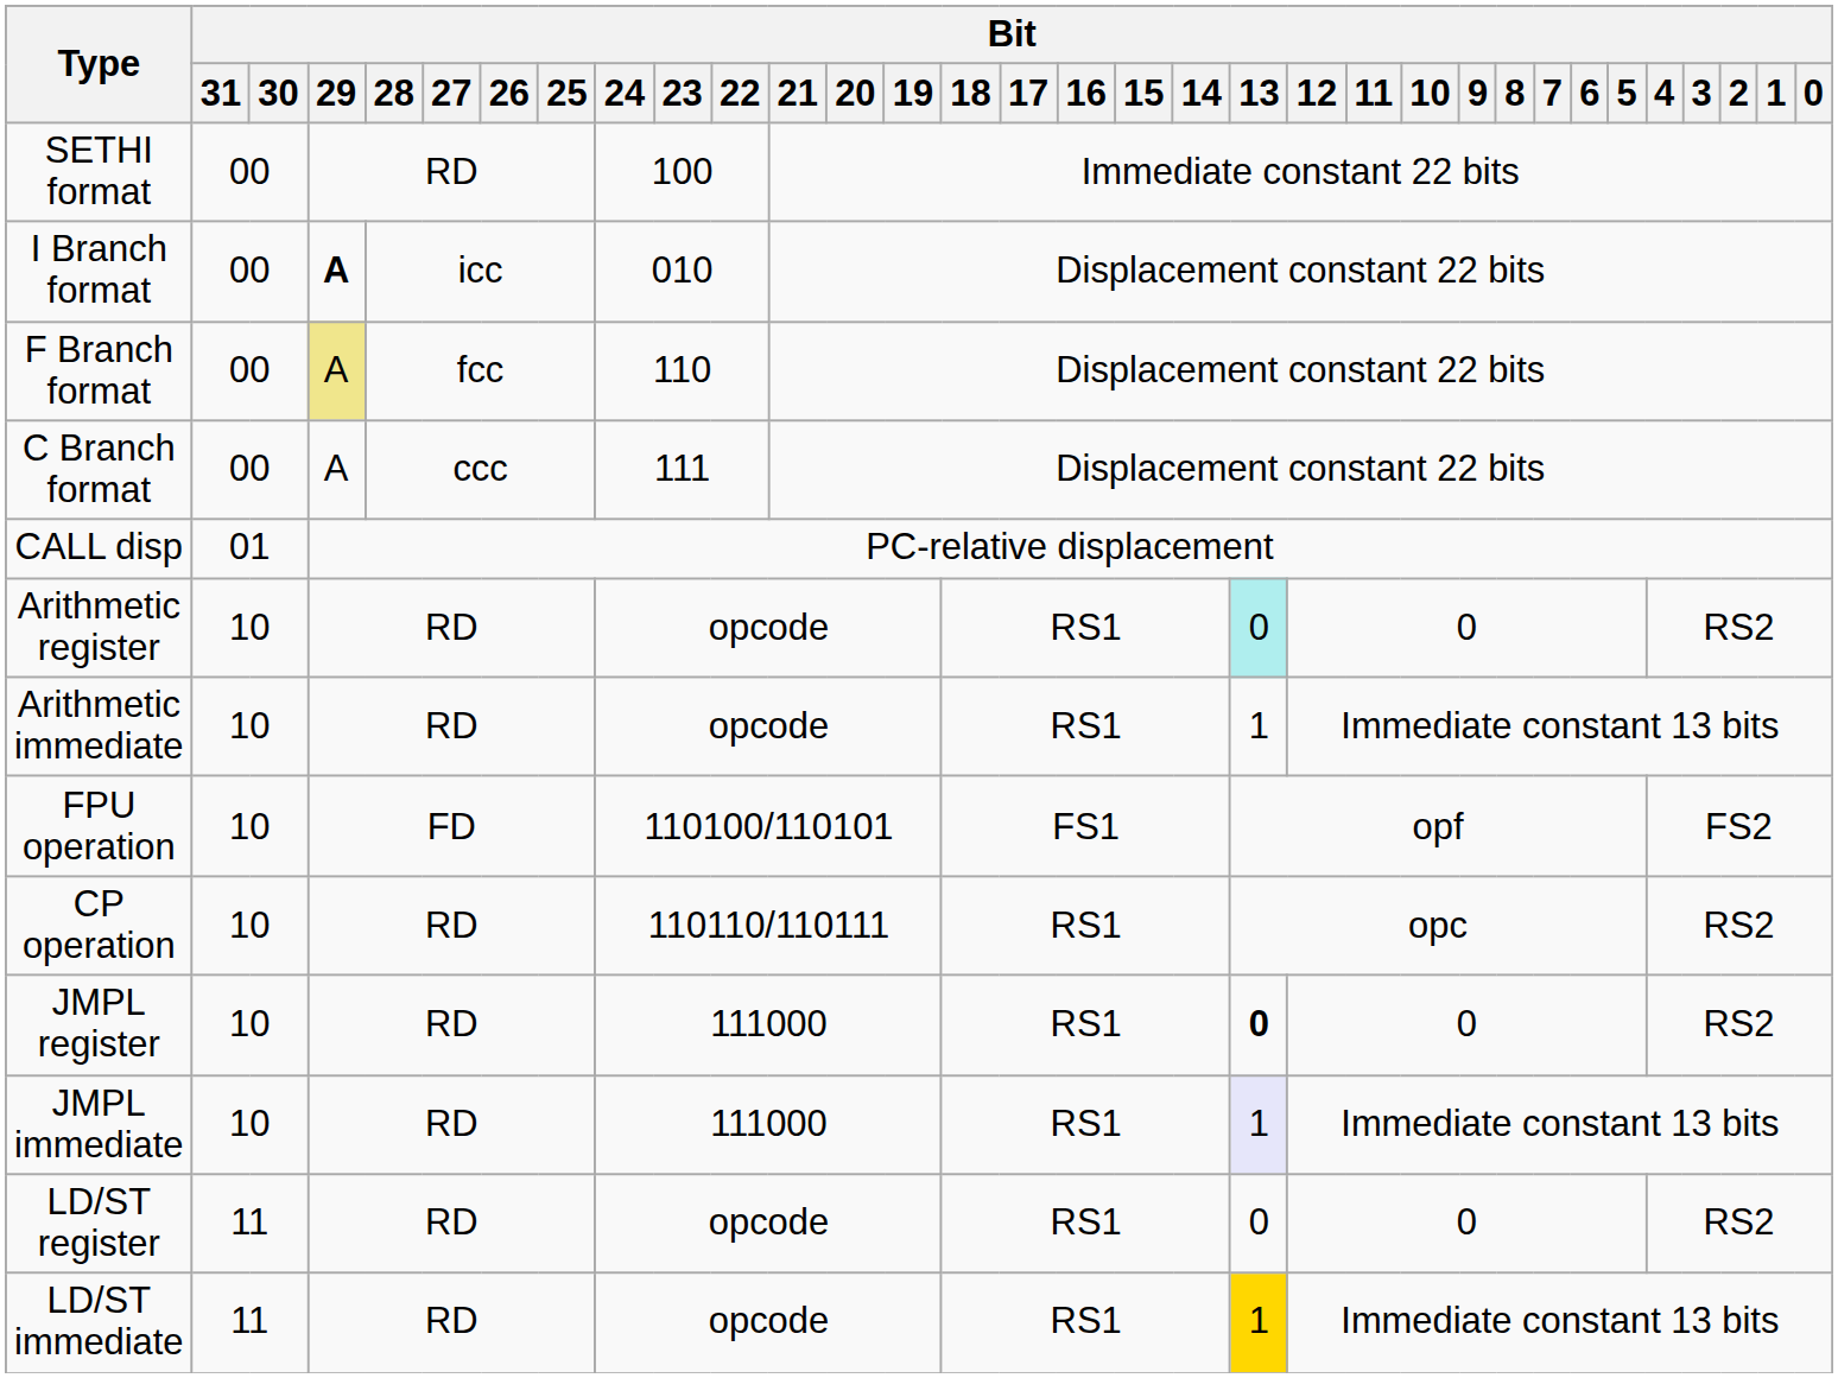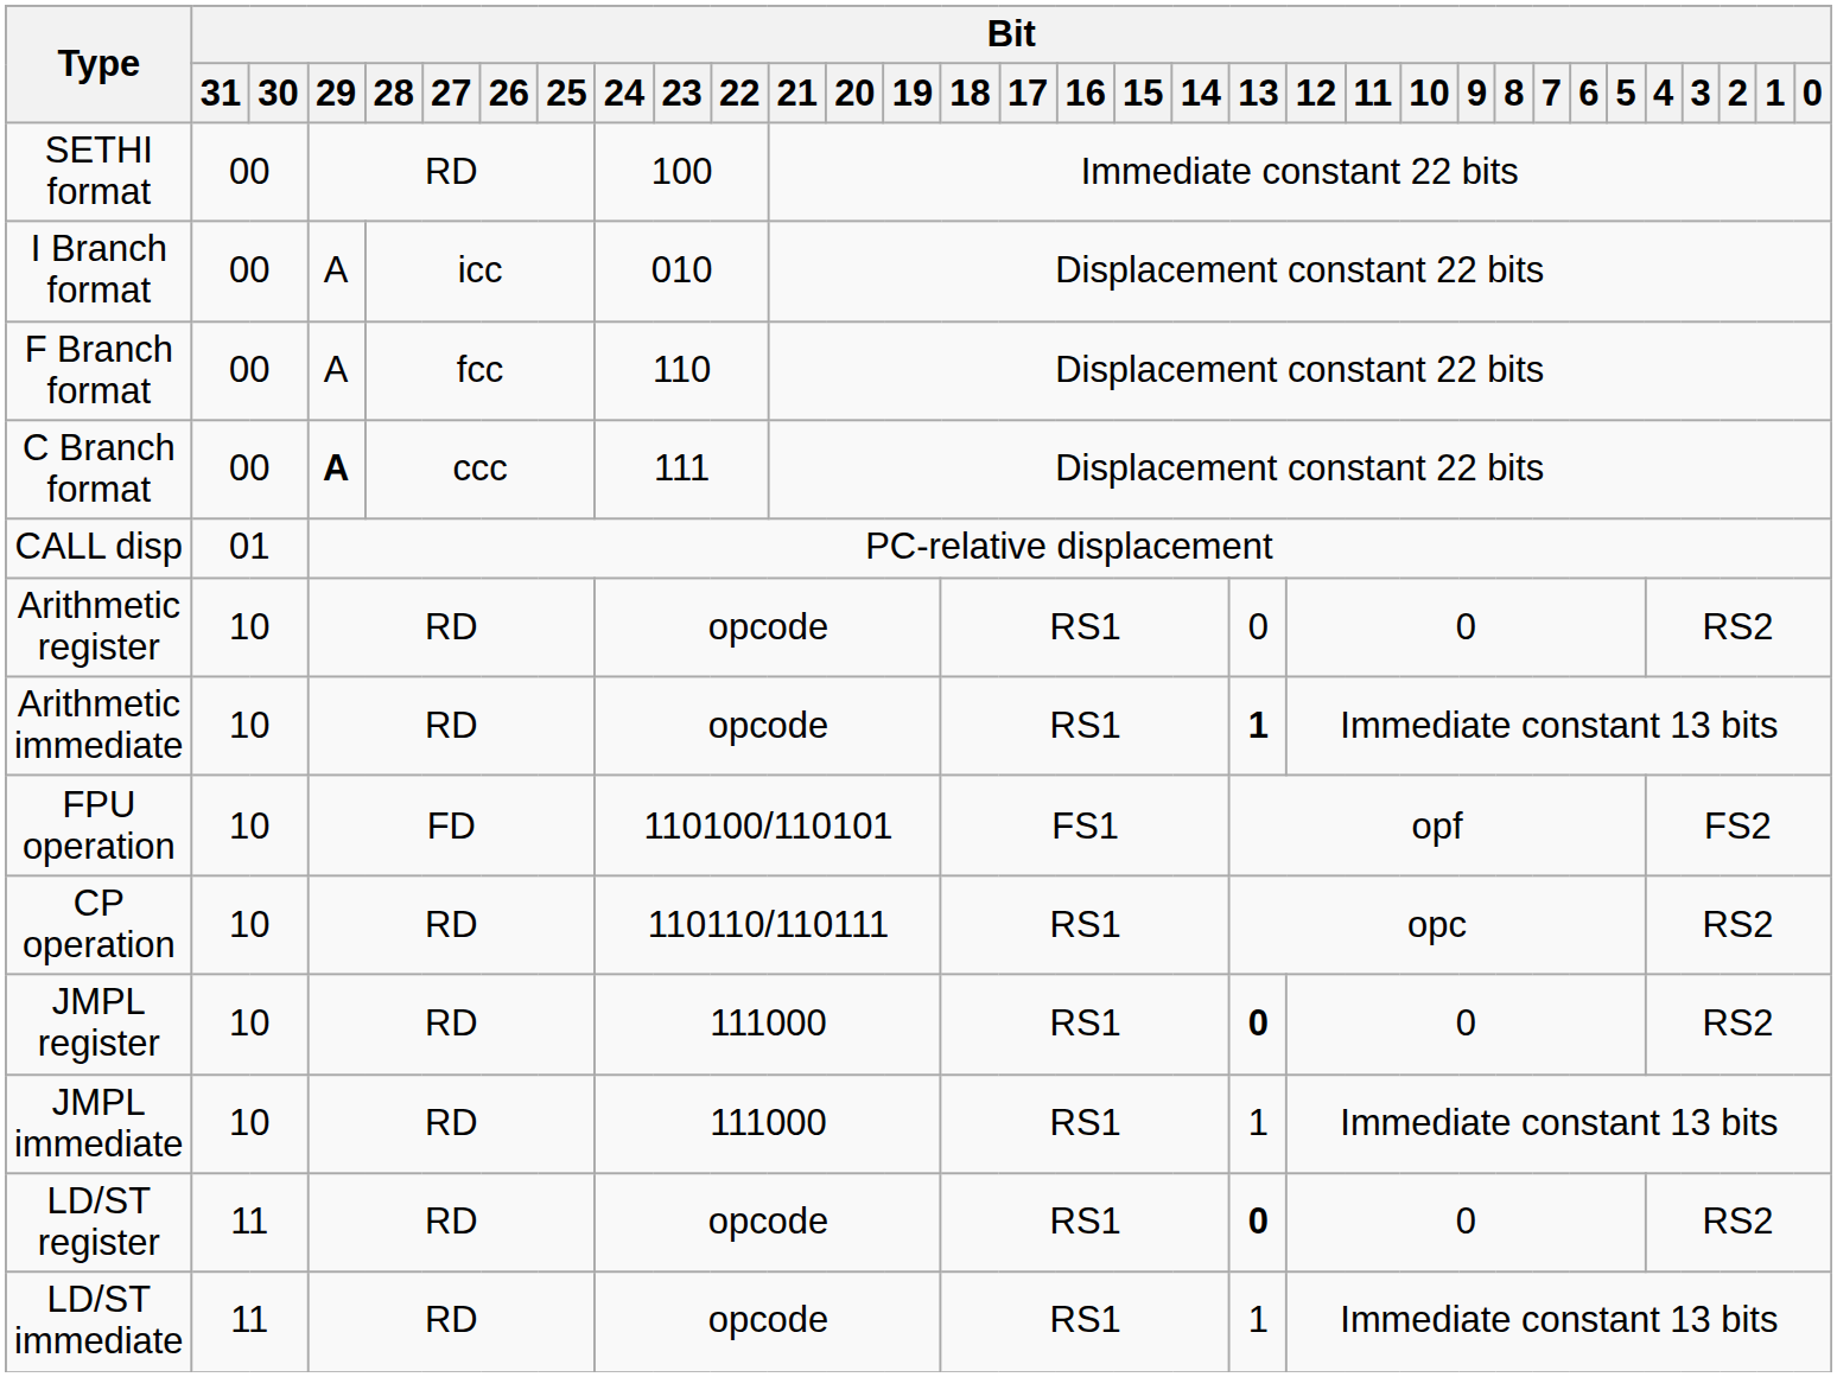 <table class="wikitable" style="text-align:center;">
 <tr>
 <th rowspan=2>Type</th>
 <th colspan=32>Bit</th>
 </tr>
 <tr>
 <th>31</th>
 <th>30</th>
 <th>29</th>
 <th>28</th>
 <th>27</th>
 <th>26</th>
 <th>25</th>
 <th>24</th>
 <th>23</th>
 <th>22</th>
 <th>21</th>
 <th>20</th>
 <th>19</th>
 <th>18</th>
 <th>17</th>
 <th>16</th>
 <th>15</th>
 <th>14</th>
 <th>13</th>
 <th>12</th>
 <th>11</th>
 <th>10</th>
 <th>9</th>
 <th>8</th>
 <th>7</th>
 <th>6</th>
 <th>5</th>
 <th>4</th>
 <th>3</th>
 <th>2</th>
 <th>1</th>
 <th>0</th>
 </tr>
 <tr>
 <td>SETHI format</td>
 <td colspan="2">00</td>
 <td colspan="5">RD</td>
 <td colspan="3">100</td>
 <td colspan="22">Immediate constant 22 bits</td>
 </tr>
 <tr>
 <td>I Branch format</td>
 <td colspan="2">00</td>
-<td><strong>A</strong></td>
+<td>A</td>
 <td colspan="4">icc</td>
 <td colspan="3">010</td>
 <td colspan="22">Displacement constant 22 bits</td>
 </tr>
 <tr>
 <td>F Branch format</td>
 <td colspan="2">00</td>
-<td style="background: khaki;">A</td>
+<td>A</td>
 <td colspan="4">fcc</td>
 <td colspan="3">110</td>
 <td colspan="22">Displacement constant 22 bits</td>
 </tr>
 <tr>
 <td>C Branch format</td>
 <td colspan="2">00</td>
-<td>A</td>
+<td><strong>A</strong></td>
 <td colspan="4">ccc</td>
 <td colspan="3">111</td>
 <td colspan="22">Displacement constant 22 bits</td>
 </tr>
 <tr>
 <td>CALL disp</td>
 <td colspan="2">01</td>
 <td colspan="30">PC-relative displacement</td>
 </tr>
 <tr>
 <td>Arithmetic register</td>
 <td colspan="2">10</td>
 <td colspan="5">RD</td>
 <td colspan="6">opcode</td>
 <td colspan="5">RS1</td>
-<td style="background: paleturquoise;">0</td>
+<td>0</td>
 <td colspan="8">0</td>
 <td colspan="5">RS2</td>
 </tr>
 <tr>
 <td>Arithmetic immediate</td>
 <td colspan="2">10</td>
 <td colspan="5">RD</td>
 <td colspan="6">opcode</td>
 <td colspan="5">RS1</td>
-<td>1</td>
+<td><strong>1</strong></td>
 <td colspan="13">Immediate constant 13 bits</td>
 </tr>
 <tr>
 <td>FPU operation</td>
 <td colspan="2">10</td>
 <td colspan="5">FD</td>
 <td colspan="6">110100/110101</td>
 <td colspan="5">FS1</td>
 <td colspan="9">opf</td>
 <td colspan="5">FS2</td>
 </tr>
 <tr>
 <td>CP operation</td>
 <td colspan="2">10</td>
 <td colspan="5">RD</td>
 <td colspan="6">110110/110111</td>
 <td colspan="5">RS1</td>
 <td colspan="9">opc</td>
 <td colspan="5">RS2</td>
 </tr>
 <tr>
 <td>JMPL register</td>
 <td colspan="2">10</td>
 <td colspan="5">RD</td>
 <td colspan="6">111000</td>
 <td colspan="5">RS1</td>
 <td><strong>0</strong></td>
 <td colspan="8">0</td>
 <td colspan="5">RS2</td>
 </tr>
 <tr>
 <td>JMPL immediate</td>
 <td colspan="2">10</td>
 <td colspan="5">RD</td>
 <td colspan="6">111000</td>
 <td colspan="5">RS1</td>
-<td style="background: lavender;">1</td>
+<td>1</td>
 <td colspan="13">Immediate constant 13 bits</td>
 </tr>
 <tr>
 <td>LD/ST register</td>
 <td colspan="2">11</td>
 <td colspan="5">RD</td>
 <td colspan="6">opcode</td>
 <td colspan="5">RS1</td>
-<td>0</td>
+<td><strong>0</strong></td>
 <td colspan="8">0</td>
 <td colspan="5">RS2</td>
 </tr>
 <tr>
 <td>LD/ST immediate</td>
 <td colspan="2">11</td>
 <td colspan="5">RD</td>
 <td colspan="6">opcode</td>
 <td colspan="5">RS1</td>
-<td style="background: gold;">1</td>
+<td>1</td>
 <td colspan="13">Immediate constant 13 bits</td>
 </tr>
 </table>
